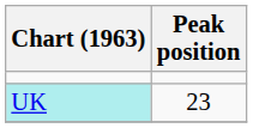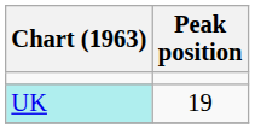 <table class="wikitable">
 <tr>
 <th>Chart (1963)</th>
 <th>Peak<br>position</th>
 </tr>
 <tr>
 <td></td>
 </tr>
 <tr>
 <td style="background: paleturquoise;"><a href='#'>UK</a></td>
-<td style="text-align:center;">23</td>
+<td style="text-align:center;">19</td>
 </tr>
 <tr>
 </tr>
 </table>
